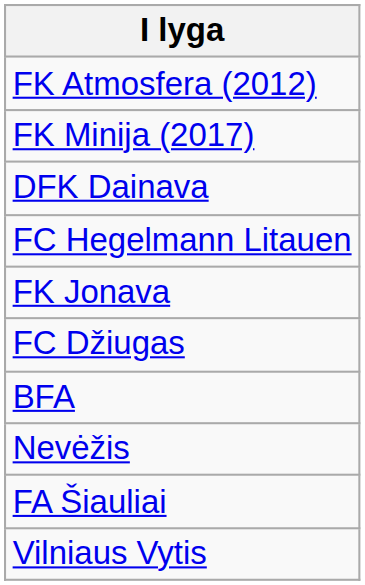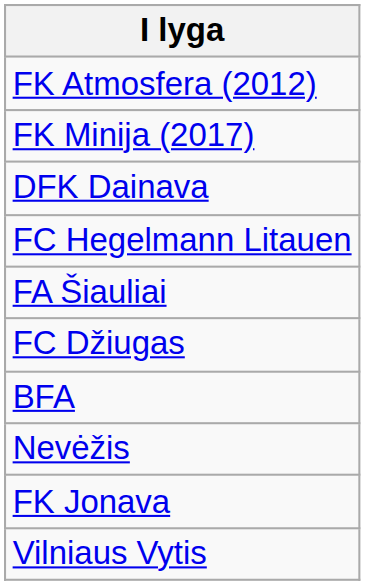 <table class="wikitable">
 <tr>
 <th>I lyga</th>
 </tr>
 <tr>
 <td><a href='#'>FK Atmosfera (2012)</a></td>
 </tr>
 <tr>
 <td><a href='#'>FK Minija (2017)</a></td>
 </tr>
 <tr>
 <td><a href='#'>DFK Dainava</a></td>
 </tr>
 <tr>
 <td><a href='#'>FC Hegelmann Litauen</a></td>
 </tr>
 <tr>
-<td><a href='#'>FK Jonava</a></td>
+<td><a href='#'>FA Šiauliai</a></td>
 </tr>
 <tr>
 <td><a href='#'>FC Džiugas</a></td>
 </tr>
 <tr>
 <td><a href='#'>BFA</a></td>
 </tr>
 <tr>
 <td><a href='#'>Nevėžis</a></td>
 </tr>
 <tr>
-<td><a href='#'>FA Šiauliai</a></td>
+<td><a href='#'>FK Jonava</a></td>
 </tr>
 <tr>
 <td><a href='#'>Vilniaus Vytis</a></td>
 </tr>
 </table>
